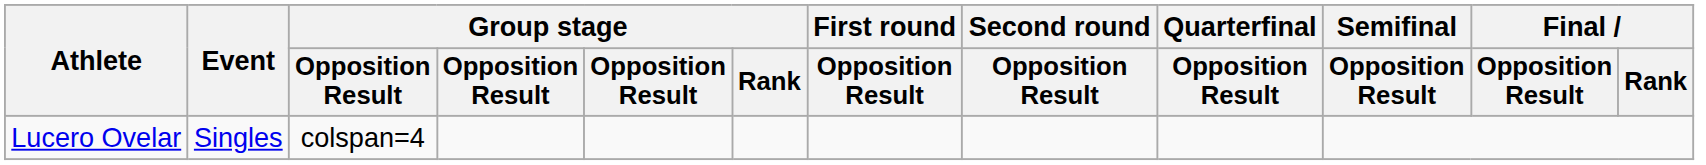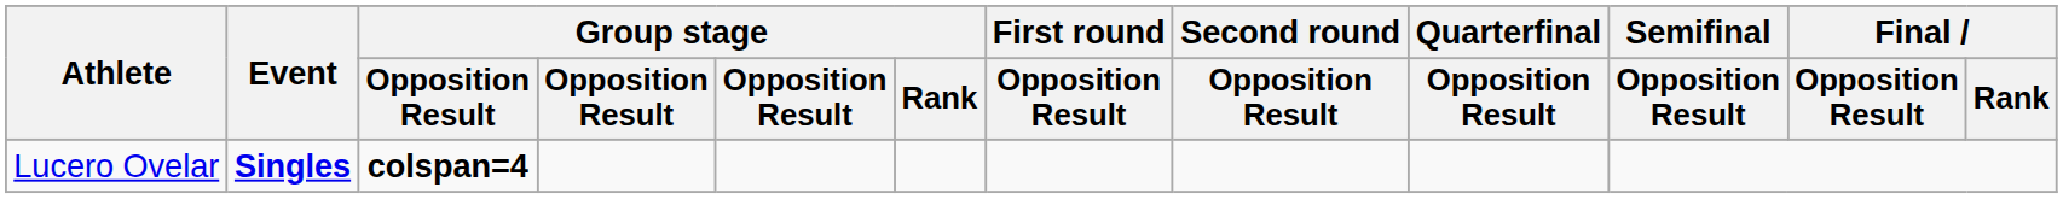 <table class=wikitable style=font-size:90%;text-align:center>
 <tr>
 <th rowspan=2>Athlete</th>
 <th rowspan=2>Event</th>
 <th colspan=4>Group stage</th>
 <th>First round</th>
 <th>Second round</th>
 <th>Quarterfinal</th>
 <th>Semifinal</th>
 <th colspan=2>Final / </th>
 </tr>
 <tr style=font-size:95%>
 <th>Opposition<br>Result</th>
 <th>Opposition<br>Result</th>
 <th>Opposition<br>Result</th>
 <th>Rank</th>
 <th>Opposition<br>Result</th>
 <th>Opposition<br>Result</th>
 <th>Opposition<br>Result</th>
 <th>Opposition<br>Result</th>
 <th>Opposition<br>Result</th>
 <th>Rank</th>
 </tr>
 <tr>
 <td align=left><a href='#'>Lucero Ovelar</a></td>
-<td align=left><a href='#'>Singles</a></td>
-<td>colspan=4 </td>
+<td align=left><strong><a href='#'>Singles</a></strong></td>
+<td><strong>colspan=4 </strong></td>
 <td></td>
 <td></td>
 <td></td>
 <td></td>
 <td></td>
 <td></td>
 </tr>
 </table>
